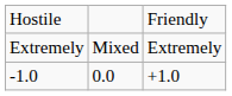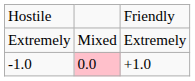 <table class="wikitable">
 <tr>
 <td>Hostile</td>
 <td></td>
 <td>Friendly</td>
 </tr>
 <tr>
 <td>Extremely</td>
 <td>Mixed</td>
 <td>Extremely</td>
 </tr>
 <tr>
 <td>-1.0</td>
-<td>0.0</td>
+<td style="background: pink;">0.0</td>
 <td>+1.0</td>
 </tr>
 </table>
